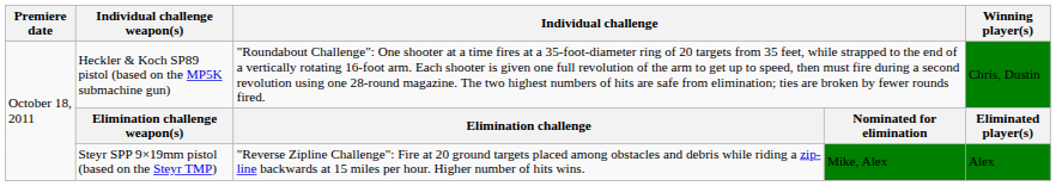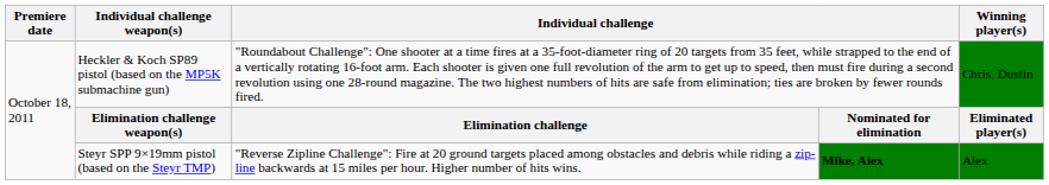 <table class="wikitable">
 <tr>
 <th>Premiere date</th>
 <th>Individual challenge weapon(s)</th>
 <th colspan="2">Individual challenge</th>
 <th>Winning player(s)</th>
 </tr>
 <tr>
 <td rowspan="3">October 18, 2011</td>
 <td>Heckler & Koch SP89 pistol (based on the <a href='#'>MP5K</a> submachine gun)</td>
 <td colspan="2">"Roundabout Challenge": One shooter at a time fires at a 35-foot-diameter ring of 20 targets from 35 feet, while strapped to the end of a vertically rotating 16-foot arm. Each shooter is given one full revolution of the arm to get up to speed, then must fire during a second revolution using one 28-round magazine. The two highest numbers of hits are safe from elimination; ties are broken by fewer rounds fired.</td>
 <td style="background:green;"><span>Chris, Dustin</span></td>
 </tr>
 <tr>
 <th>Elimination challenge weapon(s)</th>
 <th>Elimination challenge</th>
 <th>Nominated for elimination</th>
 <th>Eliminated player(s)</th>
 </tr>
 <tr>
 <td>Steyr SPP 9×19mm pistol (based on the <a href='#'>Steyr TMP</a>)</td>
 <td>"Reverse Zipline Challenge": Fire at 20 ground targets placed among obstacles and debris while riding a <a href='#'>zip-line</a> backwards at 15 miles per hour. Higher number of hits wins.</td>
-<td style="background:green;"><span>Mike, Alex</span></td>
+<td style="background:green;"><strong><span>Mike, Alex</span></strong></td>
 <td style="background:green;"><span>Alex</span></td>
 </tr>
 </table>
